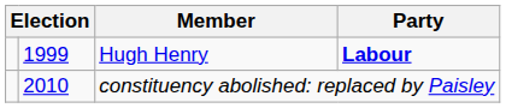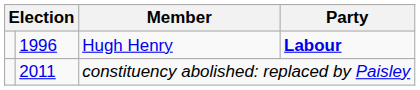 <table class="wikitable">
 <tr>
 <th colspan="2">Election</th>
 <th>Member</th>
 <th>Party</th>
 </tr>
 <tr>
 <td style="background-color: "></td>
-<td><a href='#'>1999</a></td>
+<td><a href='#'>1996</a></td>
 <td><a href='#'>Hugh Henry</a></td>
 <td><strong><a href='#'>Labour</a></strong></td>
 </tr>
 <tr>
 <td style="background-color:"></td>
-<td><a href='#'>2010</a></td>
+<td><a href='#'>2011</a></td>
 <td colspan="3"><em>constituency abolished: replaced by <a href='#'>Paisley</a></em></td>
 </tr>
 </table>
